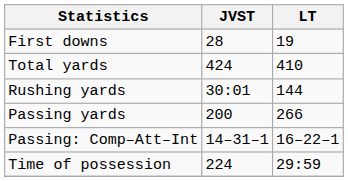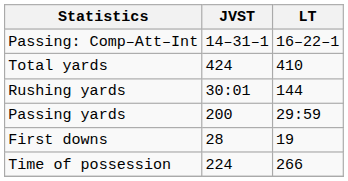 <table class="wikitable" style="float: left;">
 <tr>
 <th>Statistics</th>
 <th>JVST</th>
 <th>LT</th>
 </tr>
 <tr>
-<td>First downs</td>
-<td>28</td>
-<td>19</td>
+<td>Passing: Comp–Att–Int</td>
+<td>14–31–1</td>
+<td>16–22–1</td>
 </tr>
 <tr>
 <td>Total yards</td>
 <td>424</td>
 <td>410</td>
 </tr>
 <tr>
 <td>Rushing yards</td>
 <td>30:01</td>
 <td>144</td>
 </tr>
 <tr>
 <td>Passing yards</td>
 <td>200</td>
-<td>266</td>
+<td>29:59</td>
 </tr>
 <tr>
-<td>Passing: Comp–Att–Int</td>
-<td>14–31–1</td>
-<td>16–22–1</td>
+<td>First downs</td>
+<td>28</td>
+<td>19</td>
 </tr>
 <tr>
 <td>Time of possession</td>
 <td>224</td>
-<td>29:59</td>
+<td>266</td>
 </tr>
 <tr>
 </tr>
 </table>
